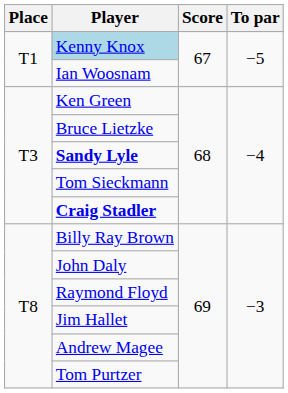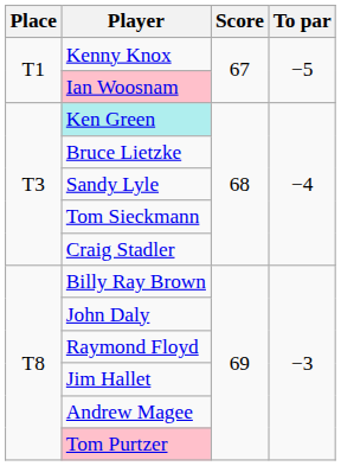 <table class="wikitable">
 <tr>
 <th>Place</th>
 <th>Player</th>
 <th>Score</th>
 <th>To par</th>
 </tr>
 <tr>
 <td rowspan="2" align=center>T1</td>
-<td style="background: lightblue;"> <a href='#'>Kenny Knox</a></td>
+<td> <a href='#'>Kenny Knox</a></td>
 <td rowspan="2" align=center>67</td>
 <td rowspan="2" align=center>−5</td>
 </tr>
 <tr>
-<td> <a href='#'>Ian Woosnam</a></td>
+<td style="background: pink;"> <a href='#'>Ian Woosnam</a></td>
 </tr>
 <tr>
 <td rowspan="5" align=center>T3</td>
-<td> <a href='#'>Ken Green</a></td>
+<td style="background: paleturquoise;"> <a href='#'>Ken Green</a></td>
 <td rowspan="5" align=center>68</td>
 <td rowspan="5" align=center>−4</td>
 </tr>
 <tr>
 <td> <a href='#'>Bruce Lietzke</a></td>
 </tr>
 <tr>
-<td><strong> <a href='#'>Sandy Lyle</a></strong></td>
+<td> <a href='#'>Sandy Lyle</a></td>
 </tr>
 <tr>
 <td> <a href='#'>Tom Sieckmann</a></td>
 </tr>
 <tr>
-<td><strong> <a href='#'>Craig Stadler</a></strong></td>
+<td> <a href='#'>Craig Stadler</a></td>
 </tr>
 <tr>
 <td rowspan="6" align=center>T8</td>
 <td> <a href='#'>Billy Ray Brown</a></td>
 <td rowspan="6" align=center>69</td>
 <td rowspan="6" align=center>−3</td>
 </tr>
 <tr>
 <td> <a href='#'>John Daly</a></td>
 </tr>
 <tr>
 <td> <a href='#'>Raymond Floyd</a></td>
 </tr>
 <tr>
 <td> <a href='#'>Jim Hallet</a></td>
 </tr>
 <tr>
 <td> <a href='#'>Andrew Magee</a></td>
 </tr>
 <tr>
-<td> <a href='#'>Tom Purtzer</a></td>
+<td style="background: pink;"> <a href='#'>Tom Purtzer</a></td>
 </tr>
 </table>
